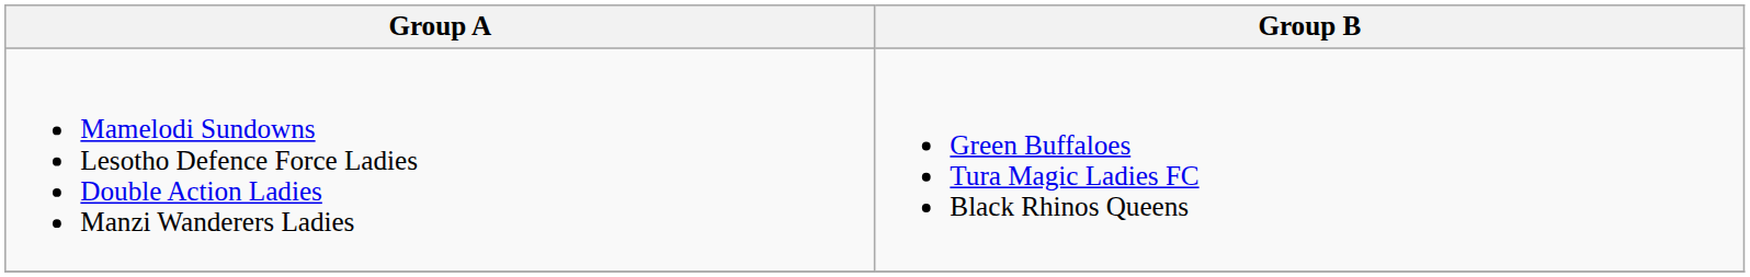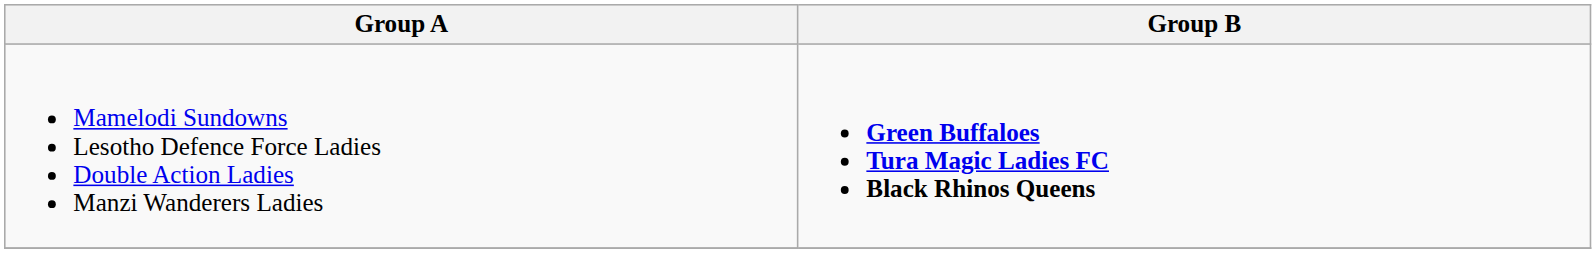 <table class="wikitable" style="width:80%;">
 <tr>
 <th width=25%>Group A</th>
 <th width=25%>Group B</th>
 </tr>
 <tr>
 <td><br><ul><li> <a href='#'>Mamelodi Sundowns</a></li><li> Lesotho Defence Force Ladies</li><li> <a href='#'>Double Action Ladies</a></li><li> Manzi Wanderers Ladies</li></ul></td>
-<td><br><ul><li> <a href='#'>Green Buffaloes</a></li><li> <a href='#'>Tura Magic Ladies FC</a></li><li> Black Rhinos Queens</li></ul></td>
+<td><strong><br><ul><li> <a href='#'>Green Buffaloes</a></li><li> <a href='#'>Tura Magic Ladies FC</a></li><li> Black Rhinos Queens</li></ul></strong></td>
 </tr>
 <tr>
 </tr>
 </table>
